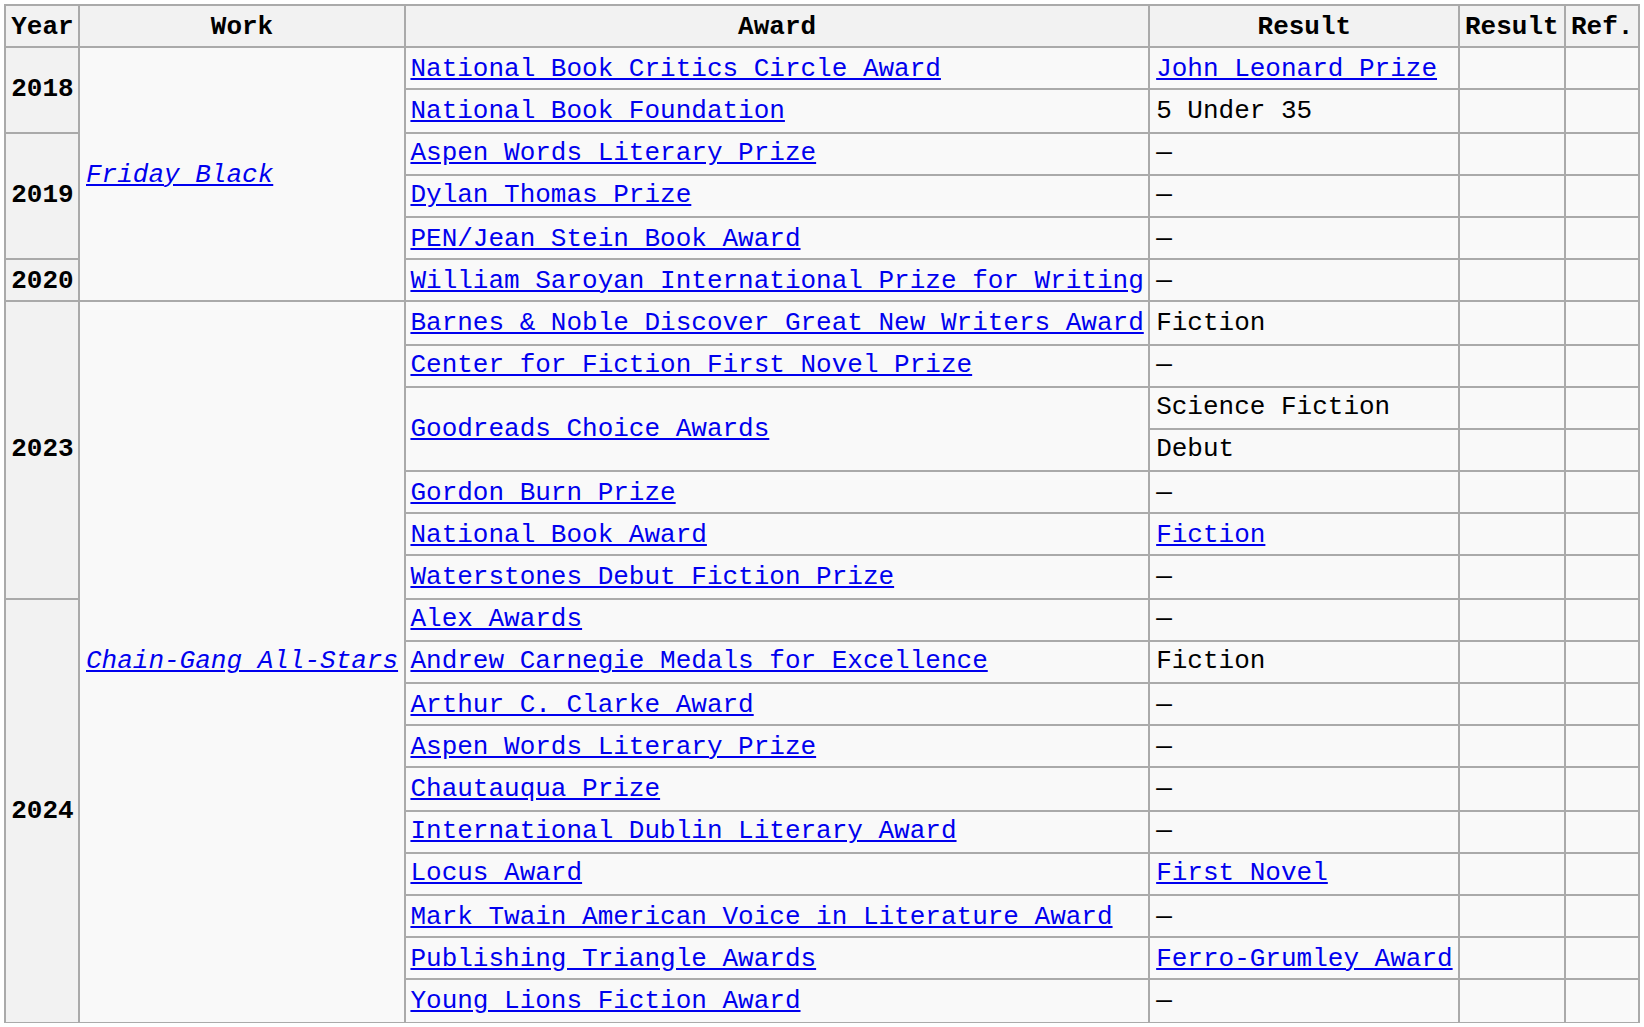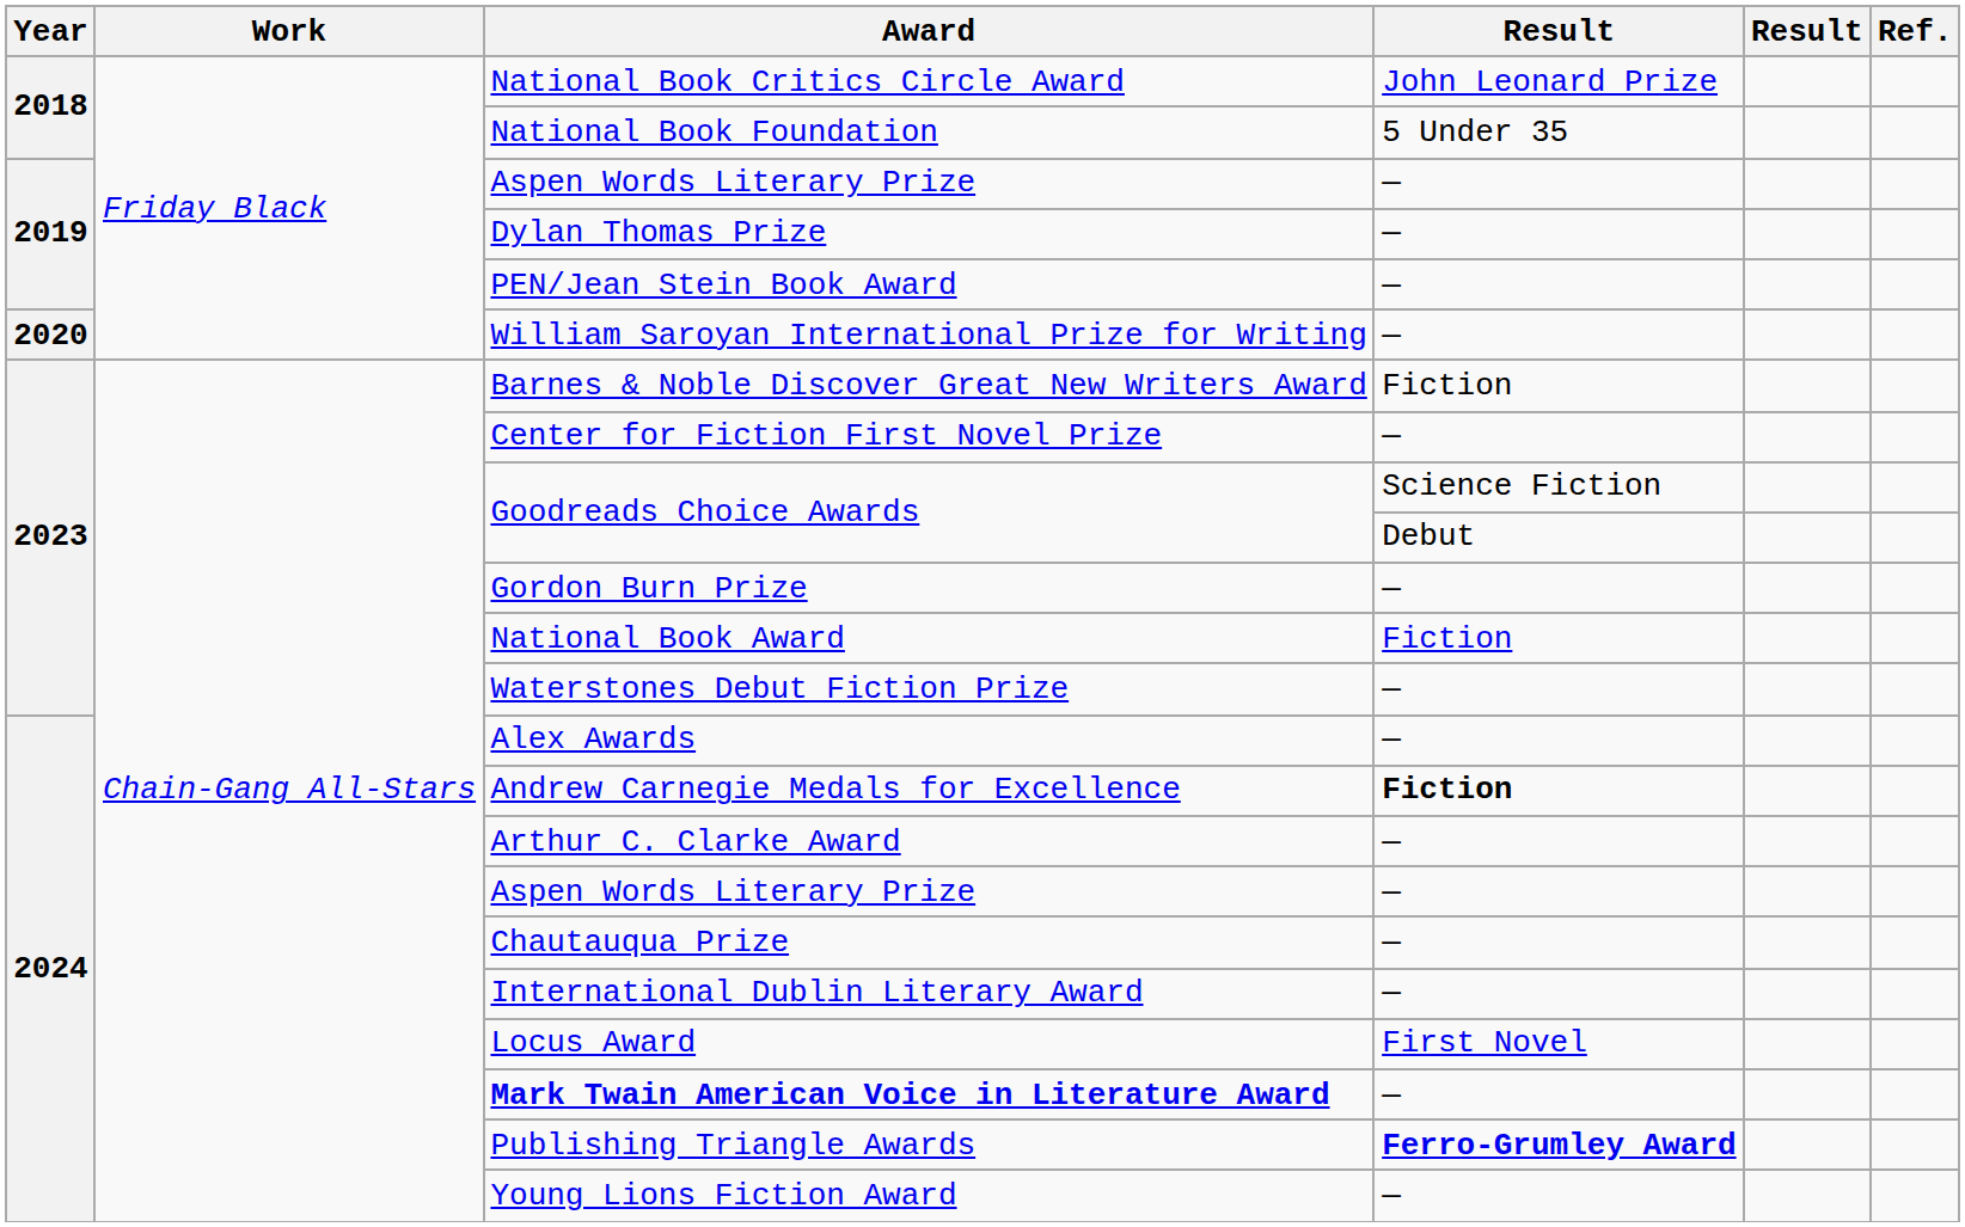 <table class="wikitable sortable">
 <tr>
 <th>Year</th>
 <th>Work</th>
 <th>Award</th>
 <th>Result</th>
 <th>Result</th>
 <th>Ref.</th>
 </tr>
 <tr>
 <th rowspan="2">2018</th>
 <td rowspan="6"><em><a href='#'>Friday Black</a></em></td>
 <td><a href='#'>National Book Critics Circle Award</a></td>
 <td><a href='#'>John Leonard Prize</a></td>
 <td></td>
 <td></td>
 </tr>
 <tr>
 <td><a href='#'>National Book Foundation</a></td>
 <td>5 Under 35</td>
 <td></td>
 <td></td>
 </tr>
 <tr>
 <th rowspan="3">2019</th>
 <td><a href='#'>Aspen Words Literary Prize</a></td>
 <td>—</td>
 <td></td>
 <td></td>
 </tr>
 <tr>
 <td><a href='#'>Dylan Thomas Prize</a></td>
 <td>—</td>
 <td></td>
 <td></td>
 </tr>
 <tr>
 <td><a href='#'>PEN/Jean Stein Book Award</a></td>
 <td>—</td>
 <td></td>
 <td></td>
 </tr>
 <tr>
 <th>2020</th>
 <td><a href='#'>William Saroyan International Prize for Writing</a></td>
 <td>—</td>
 <td></td>
 <td></td>
 </tr>
 <tr>
 <th rowspan="7">2023</th>
 <td rowspan="17"><a href='#'><em>Chain-Gang All-Stars</em></a></td>
 <td><a href='#'>Barnes & Noble Discover Great New Writers Award</a></td>
 <td>Fiction</td>
 <td></td>
 <td></td>
 </tr>
 <tr>
 <td><a href='#'>Center for Fiction First Novel Prize</a></td>
 <td>—</td>
 <td></td>
 <td></td>
 </tr>
 <tr>
 <td rowspan="2"><a href='#'>Goodreads Choice Awards</a></td>
 <td>Science Fiction</td>
 <td></td>
 <td></td>
 </tr>
 <tr>
 <td>Debut</td>
 <td></td>
 <td></td>
 </tr>
 <tr>
 <td><a href='#'>Gordon Burn Prize</a></td>
 <td>—</td>
 <td></td>
 <td></td>
 </tr>
 <tr>
 <td><a href='#'>National Book Award</a></td>
 <td><a href='#'>Fiction</a></td>
 <td></td>
 <td></td>
 </tr>
 <tr>
 <td><a href='#'>Waterstones Debut Fiction Prize</a></td>
 <td>—</td>
 <td></td>
 <td></td>
 </tr>
 <tr>
 <th rowspan="10">2024</th>
 <td><a href='#'>Alex Awards</a></td>
 <td>—</td>
 <td></td>
 <td></td>
 </tr>
 <tr>
 <td><a href='#'>Andrew Carnegie Medals for Excellence</a></td>
-<td>Fiction</td>
+<td><strong>Fiction</strong></td>
 <td></td>
 <td></td>
 </tr>
 <tr>
 <td><a href='#'>Arthur C. Clarke Award</a></td>
 <td>—</td>
 <td></td>
 <td></td>
 </tr>
 <tr>
 <td><a href='#'>Aspen Words Literary Prize</a></td>
 <td>—</td>
 <td></td>
 <td></td>
 </tr>
 <tr>
 <td><a href='#'>Chautauqua Prize</a></td>
 <td>—</td>
 <td></td>
 <td></td>
 </tr>
 <tr>
 <td><a href='#'>International Dublin Literary Award</a></td>
 <td>—</td>
 <td></td>
 <td></td>
 </tr>
 <tr>
 <td><a href='#'>Locus Award</a></td>
 <td><a href='#'>First Novel</a></td>
 <td></td>
 <td></td>
 </tr>
 <tr>
-<td><a href='#'>Mark Twain American Voice in Literature Award</a></td>
+<td><strong><a href='#'>Mark Twain American Voice in Literature Award</a></strong></td>
 <td>—</td>
 <td></td>
 <td></td>
 </tr>
 <tr>
 <td><a href='#'>Publishing Triangle Awards</a></td>
-<td><a href='#'>Ferro-Grumley Award</a></td>
+<td><strong><a href='#'>Ferro-Grumley Award</a></strong></td>
 <td></td>
 <td></td>
 </tr>
 <tr>
 <td><a href='#'>Young Lions Fiction Award</a></td>
 <td>—</td>
 <td></td>
 <td></td>
 </tr>
 </table>
